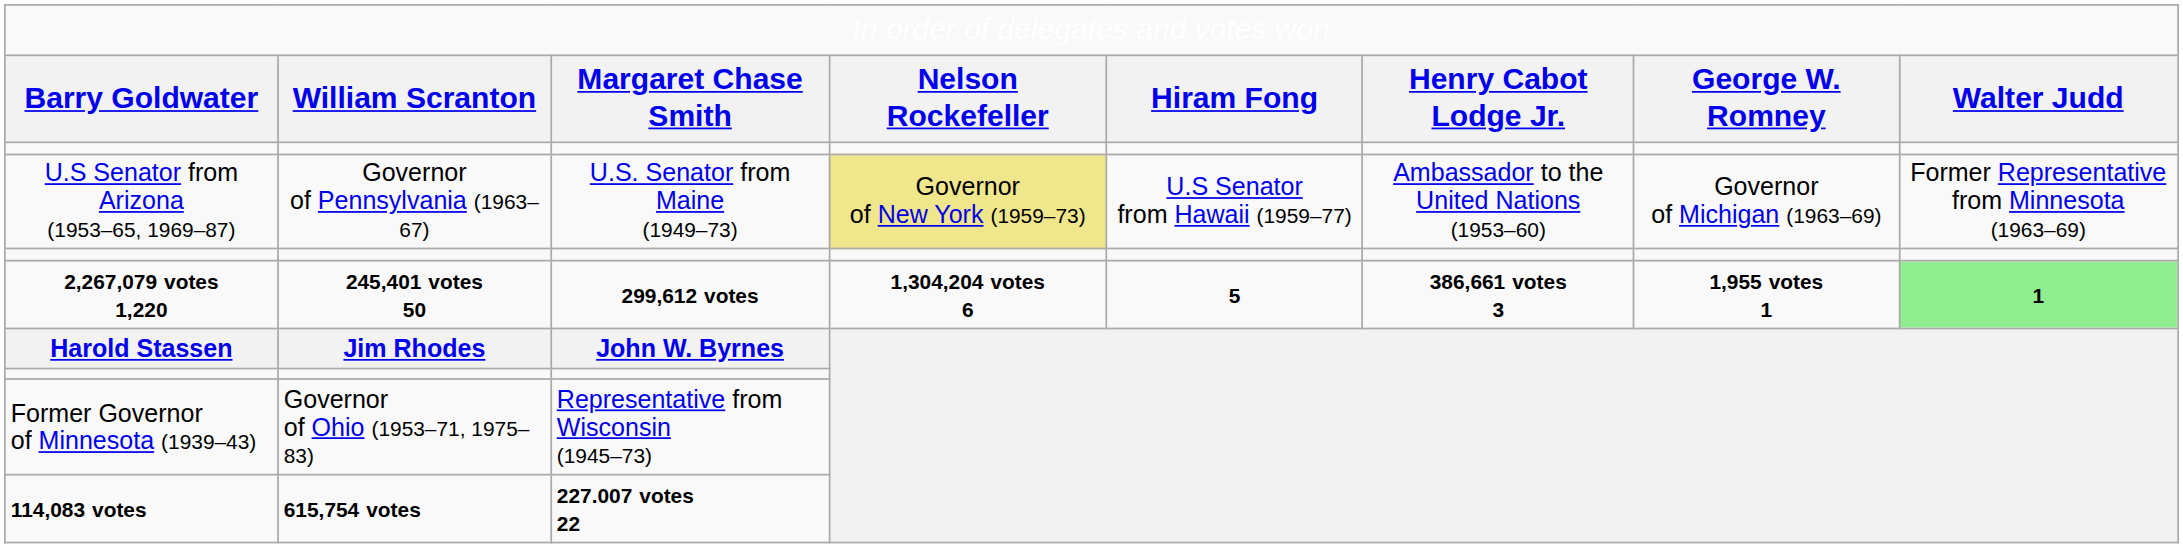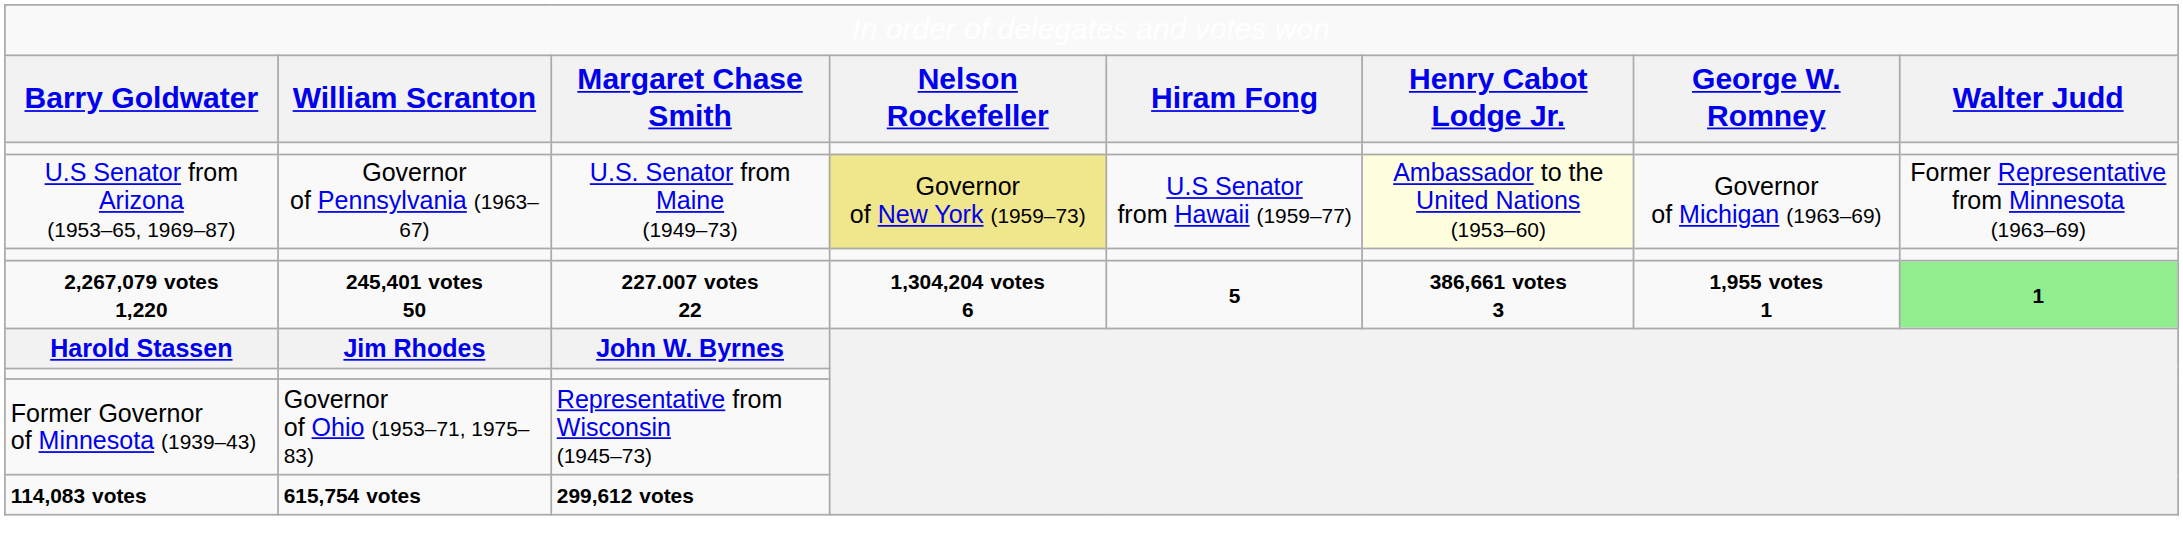 <table class="wikitable mw-collapsible mw-collapsed" style="font-size:90%;">
 <tr>
 <td colspan="11" style="text-align:center; width:700px; font-size:120%; color:white; background:"><em>In order of delegates and votes won</em></td>
 </tr>
 <tr style="text-align:center">
 <th scope="col" style="width:10em; font-size:120%;"><a href='#'>Barry Goldwater</a></th>
 <th scope="col" style="width:10em; font-size:120%;"><strong><a href='#'>William Scranton</a></strong></th>
 <th scope="col" style="width:10em; font-size:120%;"><a href='#'>Margaret Chase Smith</a></th>
 <th scope="col" style="width:10em; font-size:120%;"><strong><a href='#'>Nelson Rockefeller</a></strong></th>
 <th scope="col" style="width:10em; font-size:120%;"><a href='#'>Hiram Fong</a></th>
 <th scope="col" style="width:10em; font-size:120%;"><a href='#'>Henry Cabot Lodge Jr.</a></th>
 <th scope="col" style="width:10em; font-size:120%;"><a href='#'>George W. Romney</a></th>
 <th scope="col" style="width:10em; font-size:120%;"><a href='#'>Walter Judd</a></th>
 </tr>
 <tr style="text-align:center">
 <td></td>
 <td></td>
 <td></td>
 <td></td>
 <td></td>
 <td></td>
 <td></td>
 <td></td>
 </tr>
 <tr style="text-align:center">
 <td><a href='#'>U.S Senator</a> from<br><a href='#'>Arizona</a><br><small>(1953–65, 1969–87)</small></td>
 <td>Governor<br>of <a href='#'>Pennsylvania</a> <small>(1963–67)</small></td>
 <td><a href='#'>U.S. Senator</a> from <a href='#'>Maine</a><br><small>(1949–73)</small></td>
 <td style="background: khaki;">Governor<br>of <a href='#'>New York</a> <small>(1959–73)</small></td>
 <td><a href='#'>U.S Senator</a><br>from <a href='#'>Hawaii</a> <small>(1959–77)</small></td>
-<td><a href='#'>Ambassador</a> to the <a href='#'>United Nations</a><br><small>(1953–60)</small></td>
+<td style="background: lightyellow;"><a href='#'>Ambassador</a> to the <a href='#'>United Nations</a><br><small>(1953–60)</small></td>
 <td>Governor<br>of <a href='#'>Michigan</a> <small>(1963–69)</small></td>
 <td>Former <a href='#'>Representative</a> from <a href='#'>Minnesota</a><br><small>(1963–69)</small></td>
 </tr>
 <tr>
 <td></td>
 <td></td>
 <td></td>
 <td></td>
 <td></td>
 <td></td>
 <td></td>
 <td></td>
 </tr>
 <tr style="text-align:center">
 <td><small><strong>2,267,079</strong></small> <small><strong>votes</strong></small><br><small><strong>1,220 </strong></small></td>
 <td><small><strong>245,401</strong></small> <small><strong>votes</strong></small><br><small><strong>50 </strong></small></td>
-<td><small><strong>299,612</strong></small> <small><strong>votes</strong></small></td>
+<td><small><strong>227.007</strong></small> <small><strong>votes</strong></small><br><small><strong>22 </strong></small></td>
 <td><small><strong>1,304,204</strong></small> <small><strong>votes</strong></small><br><small><strong>6 </strong></small></td>
 <td><small><strong>5 </strong></small></td>
 <td><small><strong>386,661</strong></small> <small><strong>votes</strong></small><br><small><strong>3 </strong></small></td>
 <td><small><strong>1,955</strong></small> <small><strong>votes</strong></small><br><small><strong>1 </strong></small></td>
 <td style="background: lightgreen;"><small><strong>1 </strong></small></td>
 </tr>
 <tr>
 <th><a href='#'>Harold Stassen</a></th>
 <th><strong><a href='#'>Jim Rhodes</a></strong></th>
 <th><strong><a href='#'>John W. Byrnes</a></strong></th>
 <th colspan="5" rowspan="4"></th>
 </tr>
 <tr>
 <td></td>
 <td></td>
 <td></td>
 </tr>
 <tr>
 <td>Former Governor<br>of <a href='#'>Minnesota</a> <small>(1939–43)</small></td>
 <td>Governor<br>of <a href='#'>Ohio</a> <small>(1953–71, 1975–83)</small></td>
 <td><a href='#'>Representative</a> from <a href='#'>Wisconsin</a><br><small>(1945–73)</small></td>
 </tr>
 <tr>
 <td><small><strong>114,083</strong></small> <small><strong>votes</strong></small></td>
 <td><small><strong>615,754</strong></small> <small><strong>votes</strong></small></td>
-<td><small><strong>227.007</strong></small> <small><strong>votes</strong></small><br><small><strong>22 </strong></small></td>
+<td><small><strong>299,612</strong></small> <small><strong>votes</strong></small></td>
 </tr>
 </table>
